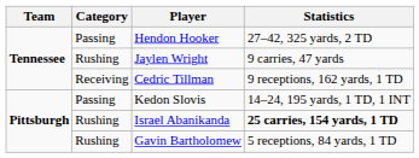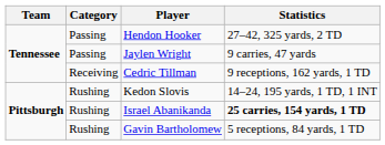 <table class="wikitable" style="float: right;">
 <tr>
 <th>Team</th>
 <th>Category</th>
 <th>Player</th>
 <th>Statistics</th>
 </tr>
 <tr>
 <td rowspan=3><strong>Tennessee</strong></td>
 <td>Passing</td>
 <td><a href='#'>Hendon Hooker</a></td>
 <td>27–42, 325 yards, 2 TD</td>
 </tr>
 <tr>
-<td>Rushing</td>
+<td>Passing</td>
 <td><a href='#'>Jaylen Wright</a></td>
 <td>9 carries, 47 yards</td>
 </tr>
 <tr>
 <td>Receiving</td>
 <td><a href='#'>Cedric Tillman</a></td>
 <td>9 receptions, 162 yards, 1 TD</td>
 </tr>
 <tr>
 <td rowspan=3><strong>Pittsburgh</strong></td>
-<td>Passing</td>
+<td>Rushing</td>
 <td>Kedon Slovis</td>
 <td>14–24, 195 yards, 1 TD, 1 INT</td>
 </tr>
 <tr>
 <td>Rushing</td>
 <td><a href='#'>Israel Abanikanda</a></td>
 <td><strong>25 carries, 154 yards, 1 TD</strong></td>
 </tr>
 <tr>
 <td>Rushing</td>
 <td><a href='#'>Gavin Bartholomew</a></td>
 <td>5 receptions, 84 yards, 1 TD</td>
 </tr>
 </table>
